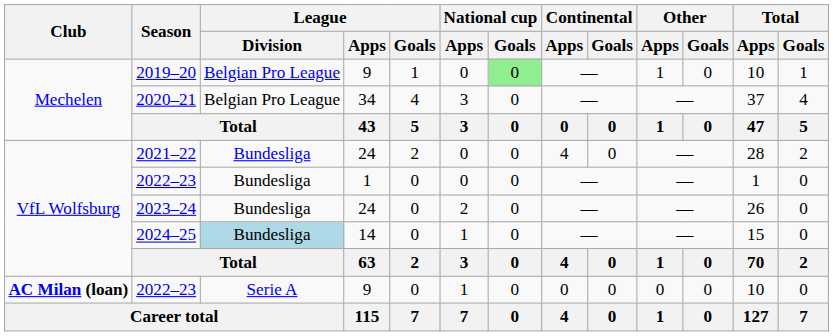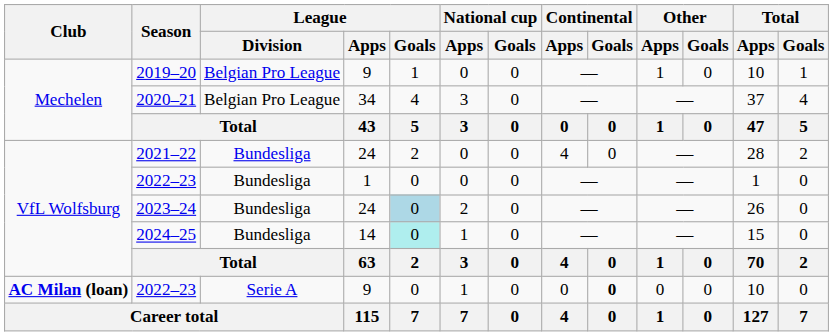 <table class="wikitable" style="text-align: center;">
 <tr>
 <th rowspan="2">Club</th>
 <th rowspan="2">Season</th>
 <th colspan="3">League</th>
 <th colspan="2">National cup</th>
 <th colspan="2">Continental</th>
 <th colspan="2">Other</th>
 <th colspan="2">Total</th>
 </tr>
 <tr>
 <th>Division</th>
 <th>Apps</th>
 <th>Goals</th>
 <th>Apps</th>
 <th>Goals</th>
 <th>Apps</th>
 <th>Goals</th>
 <th>Apps</th>
 <th>Goals</th>
 <th>Apps</th>
 <th>Goals</th>
 </tr>
 <tr>
 <td rowspan="3"><a href='#'>Mechelen</a></td>
 <td><a href='#'>2019–20</a></td>
 <td><a href='#'>Belgian Pro League</a></td>
 <td>9</td>
 <td>1</td>
 <td>0</td>
-<td style="background: lightgreen;">0</td>
+<td>0</td>
 <td colspan="2">—</td>
 <td>1</td>
 <td>0</td>
 <td>10</td>
 <td>1</td>
 </tr>
 <tr>
 <td><a href='#'>2020–21</a></td>
 <td>Belgian Pro League</td>
 <td>34</td>
 <td>4</td>
 <td>3</td>
 <td>0</td>
 <td colspan="2">—</td>
 <td colspan="2">—</td>
 <td>37</td>
 <td>4</td>
 </tr>
 <tr>
 <th colspan="2">Total</th>
 <th>43</th>
 <th>5</th>
 <th>3</th>
 <th>0</th>
 <th>0</th>
 <th>0</th>
 <th>1</th>
 <th>0</th>
 <th>47</th>
 <th>5</th>
 </tr>
 <tr>
 <td rowspan="5"><a href='#'>VfL Wolfsburg</a></td>
 <td><a href='#'>2021–22</a></td>
 <td><a href='#'>Bundesliga</a></td>
 <td>24</td>
 <td>2</td>
 <td>0</td>
 <td>0</td>
 <td>4</td>
 <td>0</td>
 <td colspan="2">—</td>
 <td>28</td>
 <td>2</td>
 </tr>
 <tr>
 <td><a href='#'>2022–23</a></td>
 <td>Bundesliga</td>
 <td>1</td>
 <td>0</td>
 <td>0</td>
 <td>0</td>
 <td colspan="2">—</td>
 <td colspan="2">—</td>
 <td>1</td>
 <td>0</td>
 </tr>
 <tr>
 <td><a href='#'>2023–24</a></td>
 <td>Bundesliga</td>
 <td>24</td>
-<td>0</td>
+<td style="background: lightblue;">0</td>
 <td>2</td>
 <td>0</td>
 <td colspan="2">—</td>
 <td colspan="2">—</td>
 <td>26</td>
 <td>0</td>
 </tr>
 <tr>
 <td><a href='#'>2024–25</a></td>
-<td style="background: lightblue;">Bundesliga</td>
+<td>Bundesliga</td>
 <td>14</td>
-<td>0</td>
+<td style="background: paleturquoise;">0</td>
 <td>1</td>
 <td>0</td>
 <td colspan="2">—</td>
 <td colspan="2">—</td>
 <td>15</td>
 <td>0</td>
 </tr>
 <tr>
 <th colspan="2">Total</th>
 <th>63</th>
 <th>2</th>
 <th>3</th>
 <th>0</th>
 <th>4</th>
 <th>0</th>
 <th>1</th>
 <th>0</th>
 <th>70</th>
 <th>2</th>
 </tr>
 <tr>
 <td><strong><a href='#'>AC Milan</a> (loan)</strong></td>
 <td><a href='#'>2022–23</a></td>
 <td><a href='#'>Serie A</a></td>
 <td>9</td>
 <td>0</td>
 <td>1</td>
 <td>0</td>
 <td>0</td>
-<td>0</td>
+<td><strong>0</strong></td>
 <td>0</td>
 <td>0</td>
 <td>10</td>
 <td>0</td>
 </tr>
 <tr>
 <th colspan="3">Career total</th>
 <th>115</th>
 <th>7</th>
 <th>7</th>
 <th>0</th>
 <th>4</th>
 <th>0</th>
 <th>1</th>
 <th>0</th>
 <th>127</th>
 <th>7</th>
 </tr>
 </table>
